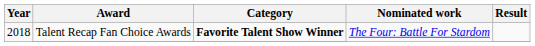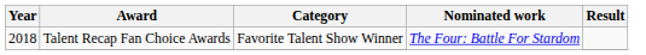 <table class="wikitable sortable" style="text-align: center;">
 <tr>
 <th>Year</th>
 <th>Award</th>
 <th>Category</th>
 <th>Nominated work</th>
 <th>Result</th>
 </tr>
 <tr>
 <td rowspan="2">2018</td>
 <td>Talent Recap Fan Choice Awards</td>
-<td><strong>Favorite Talent Show Winner</strong></td>
+<td>Favorite Talent Show Winner</td>
 <td rowspan="2"><em><a href='#'>The Four: Battle For Stardom</a></em></td>
 <td></td>
 </tr>
 <tr>
 </tr>
 </table>
